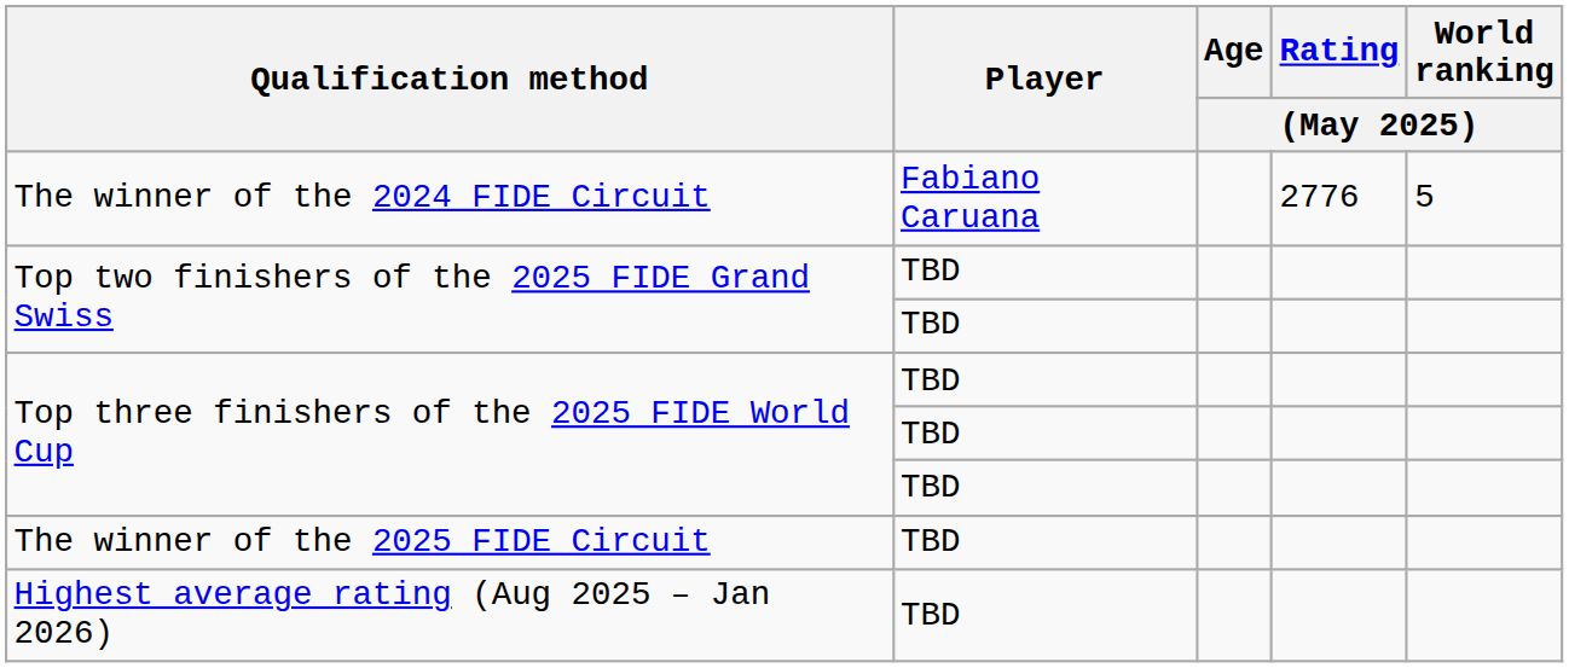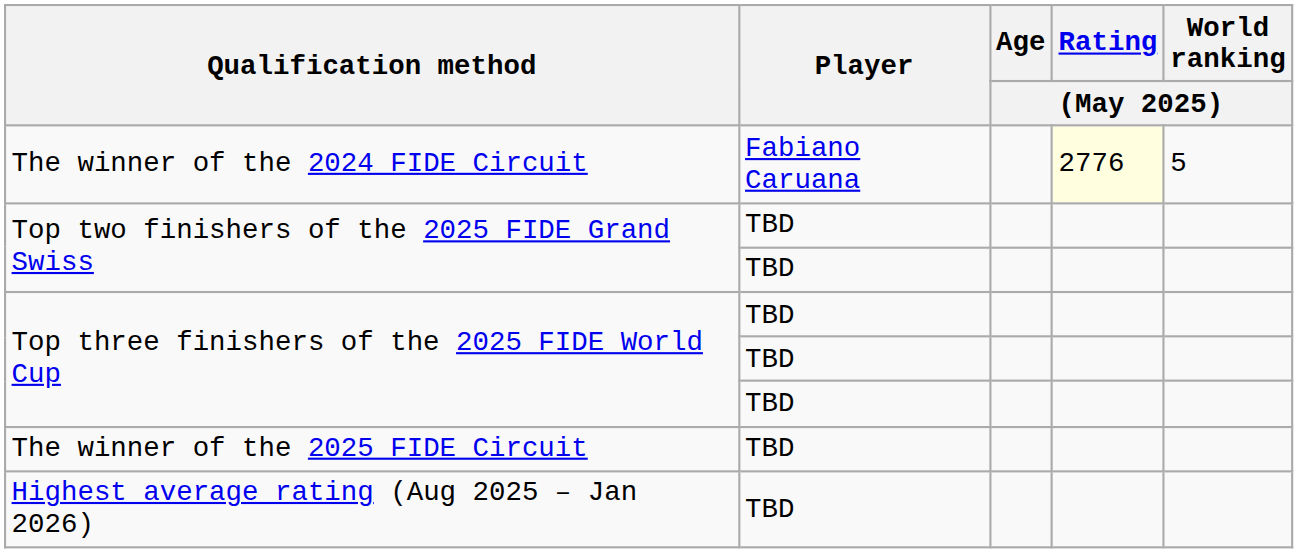 <table class="wikitable sortable" style="text-align: left;">
 <tr>
 <th rowspan=2>Qualification method</th>
 <th rowspan=2>Player</th>
 <th>Age</th>
 <th><a href='#'>Rating</a></th>
 <th>World<br>ranking</th>
 </tr>
 <tr>
 <th colspan="3">(May 2025)</th>
 </tr>
 <tr>
 <td>The winner of the <a href='#'>2024 FIDE Circuit</a></td>
 <td> <a href='#'>Fabiano Caruana</a></td>
 <td></td>
-<td>2776</td>
+<td style="background: lightyellow;">2776</td>
 <td>5</td>
 </tr>
 <tr>
 <td rowspan="2">Top two finishers of the <a href='#'>2025 FIDE Grand Swiss</a></td>
 <td>TBD</td>
 <td></td>
 <td></td>
 <td></td>
 </tr>
 <tr>
 <td>TBD</td>
 <td></td>
 <td></td>
 <td></td>
 </tr>
 <tr>
 <td rowspan="3">Top three finishers of the  <a href='#'>2025 FIDE World Cup</a></td>
 <td>TBD</td>
 <td></td>
 <td></td>
 <td></td>
 </tr>
 <tr>
 <td>TBD</td>
 <td></td>
 <td></td>
 <td></td>
 </tr>
 <tr>
 <td>TBD</td>
 <td></td>
 <td></td>
 <td></td>
 </tr>
 <tr>
 <td>The winner of the <a href='#'>2025 FIDE Circuit</a></td>
 <td>TBD</td>
 <td></td>
 <td></td>
 <td></td>
 </tr>
 <tr>
 <td><a href='#'>Highest average rating</a> (Aug 2025 – Jan 2026)</td>
 <td>TBD</td>
 <td></td>
 <td></td>
 <td></td>
 </tr>
 </table>
